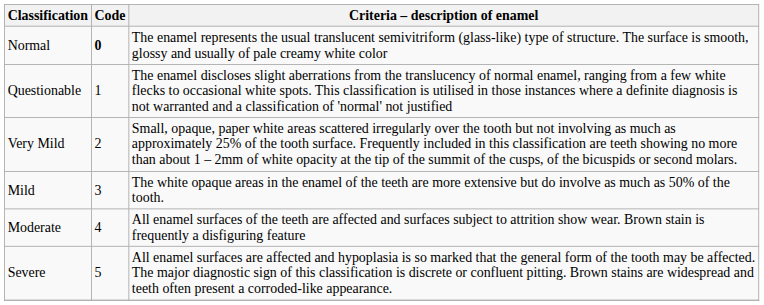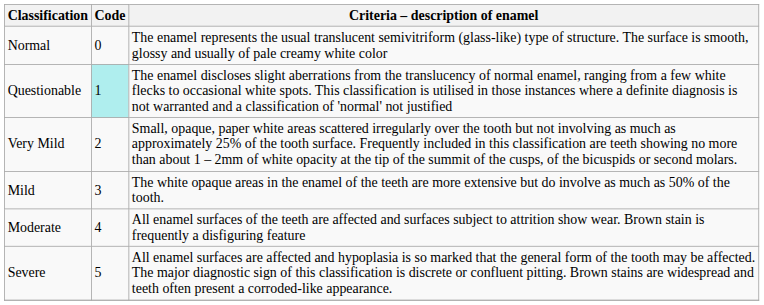 <table class="wikitable">
 <tr>
 <th>Classification</th>
 <th>Code</th>
 <th>Criteria – description of enamel</th>
 </tr>
 <tr>
 <td>Normal</td>
-<td><strong>0</strong></td>
+<td>0</td>
 <td>The enamel represents the usual translucent semivitriform (glass-like) type of structure. The surface is smooth, glossy and usually of pale creamy white color</td>
 </tr>
 <tr>
 <td>Questionable</td>
-<td>1</td>
+<td style="background: paleturquoise;">1</td>
 <td>The enamel discloses slight aberrations from the translucency of normal enamel, ranging from a few white flecks to occasional white spots. This classification is utilised in those instances where a definite diagnosis is not warranted and a classification of 'normal' not justified</td>
 </tr>
 <tr>
 <td>Very Mild</td>
 <td>2</td>
 <td>Small, opaque, paper white areas scattered irregularly over the tooth but not involving as much as approximately 25% of the tooth surface. Frequently included in this classification are teeth showing no more than about 1 – 2mm of white opacity at the tip of the summit of the cusps, of the bicuspids or second molars.</td>
 </tr>
 <tr>
 <td>Mild</td>
 <td>3</td>
 <td>The white opaque areas in the enamel of the teeth are more extensive but do involve as much as 50% of the tooth.</td>
 </tr>
 <tr>
 <td>Moderate</td>
 <td>4</td>
 <td>All enamel surfaces of the teeth are affected and surfaces subject to attrition show wear. Brown stain is frequently a disfiguring feature</td>
 </tr>
 <tr>
 <td>Severe</td>
 <td>5</td>
 <td>All enamel surfaces are affected and hypoplasia is so marked that the general form of the tooth may be affected. The major diagnostic sign of this classification is discrete or confluent pitting. Brown stains are widespread and teeth often present a corroded-like appearance.</td>
 </tr>
 <tr>
 </tr>
 </table>
